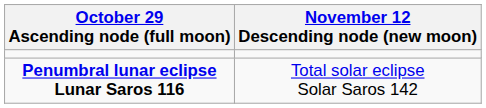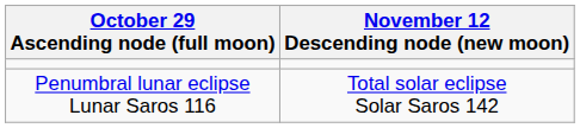 <table class="wikitable">
 <tr>
 <th><a href='#'>October 29</a><br>Ascending node (full moon)<br></th>
 <th><a href='#'>November 12</a><br>Descending node (new moon)<br></th>
 </tr>
 <tr>
 <td></td>
 <td></td>
 </tr>
 <tr align=center>
-<td><strong><a href='#'>Penumbral lunar eclipse</a><br>Lunar Saros 116</strong></td>
+<td><a href='#'>Penumbral lunar eclipse</a><br>Lunar Saros 116</td>
 <td><a href='#'>Total solar eclipse</a><br>Solar Saros 142</td>
 </tr>
 </table>
